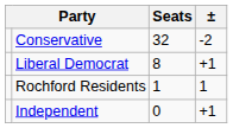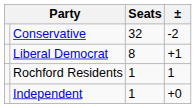 <table class="wikitable">
 <tr>
 <th colspan="2">Party</th>
 <th>Seats</th>
 <th>  ±  </th>
 </tr>
 <tr>
 <td style="background-color: "></td>
 <td><a href='#'>Conservative</a></td>
 <td>32</td>
 <td>-2</td>
 </tr>
 <tr>
 <td style="background-color: "></td>
 <td><a href='#'>Liberal Democrat</a></td>
 <td>8</td>
 <td>+1</td>
 </tr>
 <tr>
 <td style="backgrouns-color: "></td>
 <td>Rochford Residents</td>
 <td>1</td>
 <td>1</td>
 </tr>
 <tr>
 <td style="backgrouns-color: "></td>
 <td><a href='#'>Independent</a></td>
-<td>0</td>
-<td>+1</td>
+<td>1</td>
+<td>+0</td>
 </tr>
 </table>
